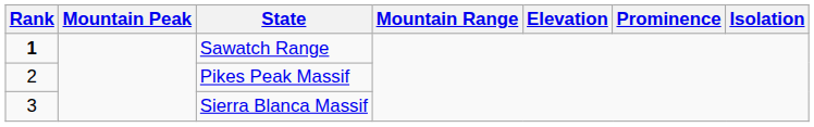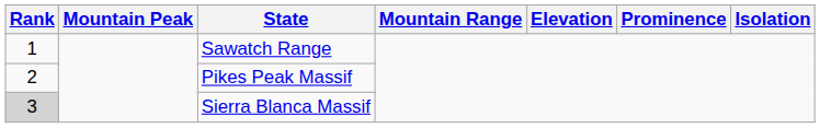 <table class="wikitable sortable" style="margin:1em auto;">
 <tr>
 <th><a href='#'>Rank</a></th>
 <th><a href='#'>Mountain Peak</a></th>
 <th><a href='#'>State</a></th>
 <th><a href='#'>Mountain Range</a></th>
 <th><a href='#'>Elevation</a></th>
 <th><a href='#'>Prominence</a></th>
 <th><a href='#'>Isolation</a></th>
 </tr>
 <tr>
-<td align=center><strong>1<br></strong></td>
+<td align=center>1<br></td>
 <td rowspan=3></td>
 <td><a href='#'>Sawatch Range</a><br></td>
 </tr>
 <tr>
 <td align=center>2<br></td>
 <td><a href='#'>Pikes Peak Massif</a><br></td>
 </tr>
 <tr>
-<td align=center>3<br></td>
+<td align=center style="background: lightgrey;">3<br></td>
 <td><a href='#'>Sierra Blanca Massif</a><br></td>
 </tr>
 </table>
